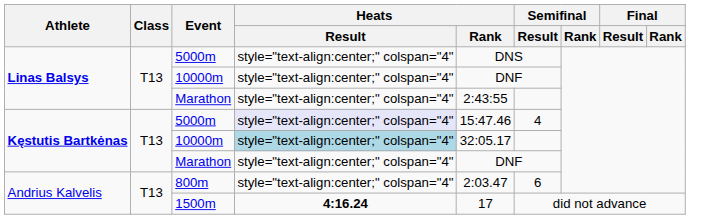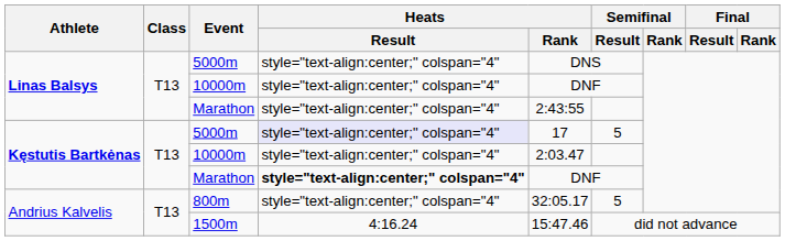 <table class=wikitable style="font-size:90%">
 <tr>
 <th rowspan="2">Athlete</th>
 <th rowspan="2">Class</th>
 <th rowspan="2">Event</th>
 <th colspan="2">Heats</th>
 <th colspan="2">Semifinal</th>
 <th colspan="2">Final</th>
 </tr>
 <tr>
 <th>Result</th>
 <th>Rank</th>
 <th>Result</th>
 <th>Rank</th>
 <th>Result</th>
 <th>Rank</th>
 </tr>
 <tr>
 <td rowspan="3"><strong><a href='#'>Linas Balsys</a></strong></td>
 <td rowspan="3" style="text-align:center;">T13</td>
 <td><a href='#'>5000m</a></td>
 <td>style="text-align:center;" colspan="4" </td>
 <td style="text-align:center;" colspan="2">DNS</td>
 </tr>
 <tr>
 <td><a href='#'>10000m</a></td>
 <td>style="text-align:center;" colspan="4" </td>
 <td style="text-align:center;" colspan="2">DNF</td>
 </tr>
 <tr>
 <td><a href='#'>Marathon</a></td>
 <td>style="text-align:center;" colspan="4" </td>
 <td style="text-align:center;">2:43:55</td>
 <td style="text-align:center;"></td>
 </tr>
 <tr>
 <td rowspan="3"><strong><a href='#'>Kęstutis Bartkėnas</a></strong></td>
 <td rowspan="3" style="text-align:center;">T13</td>
 <td><a href='#'>5000m</a></td>
 <td style="background: lavender;">style="text-align:center;" colspan="4" </td>
-<td style="text-align:center;">15:47.46</td>
-<td style="text-align:center;">4</td>
+<td style="text-align:center;">17</td>
+<td style="text-align:center;">5</td>
 </tr>
 <tr>
 <td><a href='#'>10000m</a></td>
-<td style="background: lightblue;">style="text-align:center;" colspan="4" </td>
-<td style="text-align:center;">32:05.17</td>
+<td>style="text-align:center;" colspan="4" </td>
+<td style="text-align:center;">2:03.47</td>
 <td style="text-align:center;"></td>
 </tr>
 <tr>
 <td><a href='#'>Marathon</a></td>
-<td>style="text-align:center;" colspan="4" </td>
+<td><strong>style="text-align:center;" colspan="4" </strong></td>
 <td style="text-align:center;" colspan="2">DNF</td>
 </tr>
 <tr>
 <td rowspan="2"><a href='#'>Andrius Kalvelis</a></td>
 <td rowspan="2" style="text-align:center;">T13</td>
 <td><a href='#'>800m</a></td>
 <td>style="text-align:center;" colspan="4" </td>
-<td style="text-align:center;">2:03.47</td>
-<td style="text-align:center;">6</td>
+<td style="text-align:center;">32:05.17</td>
+<td style="text-align:center;">5</td>
 </tr>
 <tr>
 <td><a href='#'>1500m</a></td>
-<td style="text-align:center;"><strong>4:16.24</strong></td>
-<td style="text-align:center;">17</td>
+<td style="text-align:center;">4:16.24</td>
+<td style="text-align:center;">15:47.46</td>
 <td style="text-align:center;" colspan="4">did not advance</td>
 </tr>
 </table>
